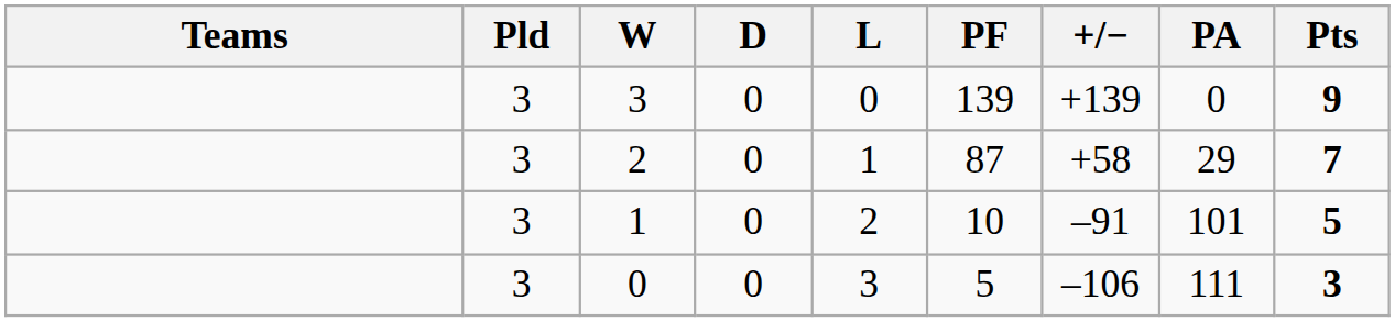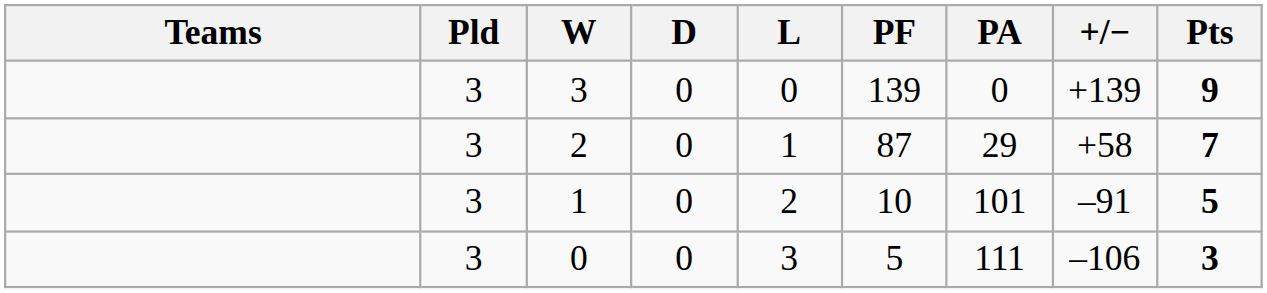 <table class="wikitable" style="text-align: center;">
 <tr>
 <th width="180">Teams</th>
 <th width="40">Pld</th>
 <th width="40">W</th>
 <th width="40">D</th>
 <th width="40">L</th>
 <th width="40">PF</th>
+<th width="40">PA</th>
 <th width="40">+/−</th>
-<th width="40">PA</th>
 <th width="40">Pts</th>
 </tr>
 <tr>
 <td align=left></td>
 <td>3</td>
 <td>3</td>
 <td>0</td>
 <td>0</td>
 <td>139</td>
+<td>0</td>
 <td>+139</td>
-<td>0</td>
 <td><strong>9</strong></td>
 </tr>
 <tr>
 <td align=left></td>
 <td>3</td>
 <td>2</td>
 <td>0</td>
 <td>1</td>
 <td>87</td>
+<td>29</td>
 <td>+58</td>
-<td>29</td>
 <td><strong>7</strong></td>
 </tr>
 <tr>
 <td align=left></td>
 <td>3</td>
 <td>1</td>
 <td>0</td>
 <td>2</td>
 <td>10</td>
+<td>101</td>
 <td>–91</td>
-<td>101</td>
 <td><strong>5</strong></td>
 </tr>
 <tr>
 <td align=left></td>
 <td>3</td>
 <td>0</td>
 <td>0</td>
 <td>3</td>
 <td>5</td>
+<td>111</td>
 <td>–106</td>
-<td>111</td>
 <td><strong>3</strong></td>
 </tr>
 </table>
